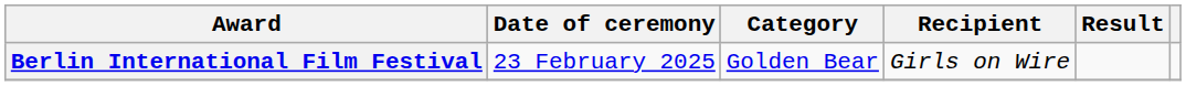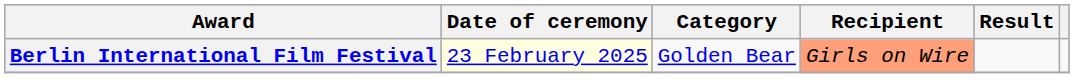 <table class="wikitable sortable plainrowheaders">
 <tr>
 <th>Award</th>
 <th>Date of ceremony</th>
 <th>Category</th>
 <th>Recipient</th>
 <th>Result</th>
 <th></th>
 </tr>
 <tr>
 <th scope="row" rowspan="1"><a href='#'>Berlin International Film Festival</a></th>
-<td rowspan="1"><a href='#'>23 February 2025</a></td>
+<td rowspan="1" style="background: lightyellow;"><a href='#'>23 February 2025</a></td>
 <td><a href='#'>Golden Bear</a></td>
-<td><em>Girls on Wire</em></td>
+<td style="background: lightsalmon;"><em>Girls on Wire</em></td>
 <td></td>
 <td align="center"></td>
 </tr>
 <tr>
 </tr>
 </table>
